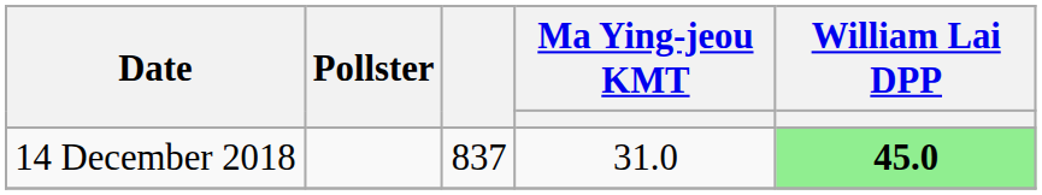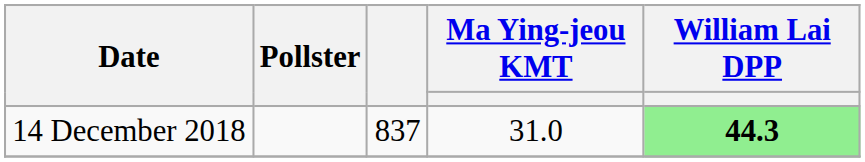 <table class="wikitable sortable collapsible" style="font-size:95%; text-align:center">
 <tr>
 <th rowspan=2>Date</th>
 <th rowspan=2>Pollster</th>
 <th rowspan=2></th>
 <th width=100px><a href='#'>Ma Ying-jeou</a><br><a href='#'>KMT</a></th>
 <th width=100px><a href='#'>William Lai</a><br><a href='#'>DPP</a></th>
 </tr>
 <tr>
 <th style="background:"></th>
 <th style="background:"></th>
 </tr>
 <tr>
 <td>14 December 2018</td>
 <td></td>
 <td>837</td>
 <td>31.0</td>
-<td style="background-color:lightgreen;"><strong>45.0</strong></td>
+<td style="background-color:lightgreen;"><strong>44.3</strong></td>
 </tr>
 <tr>
 </tr>
 </table>
